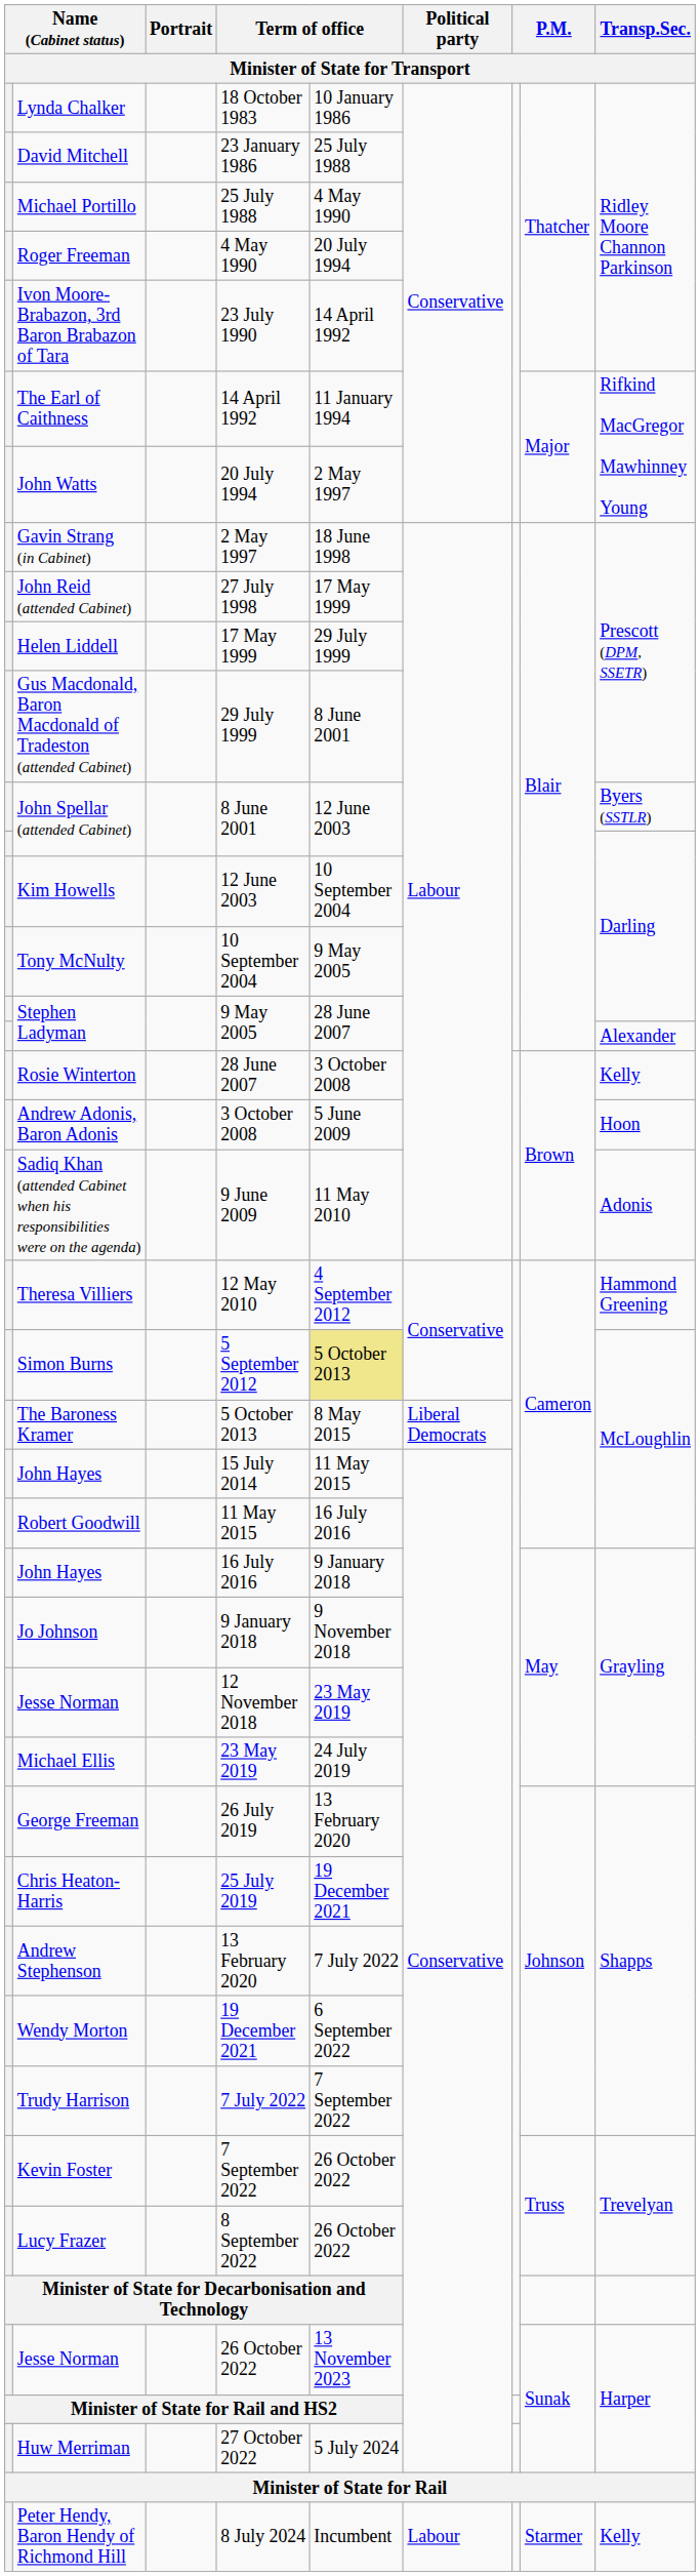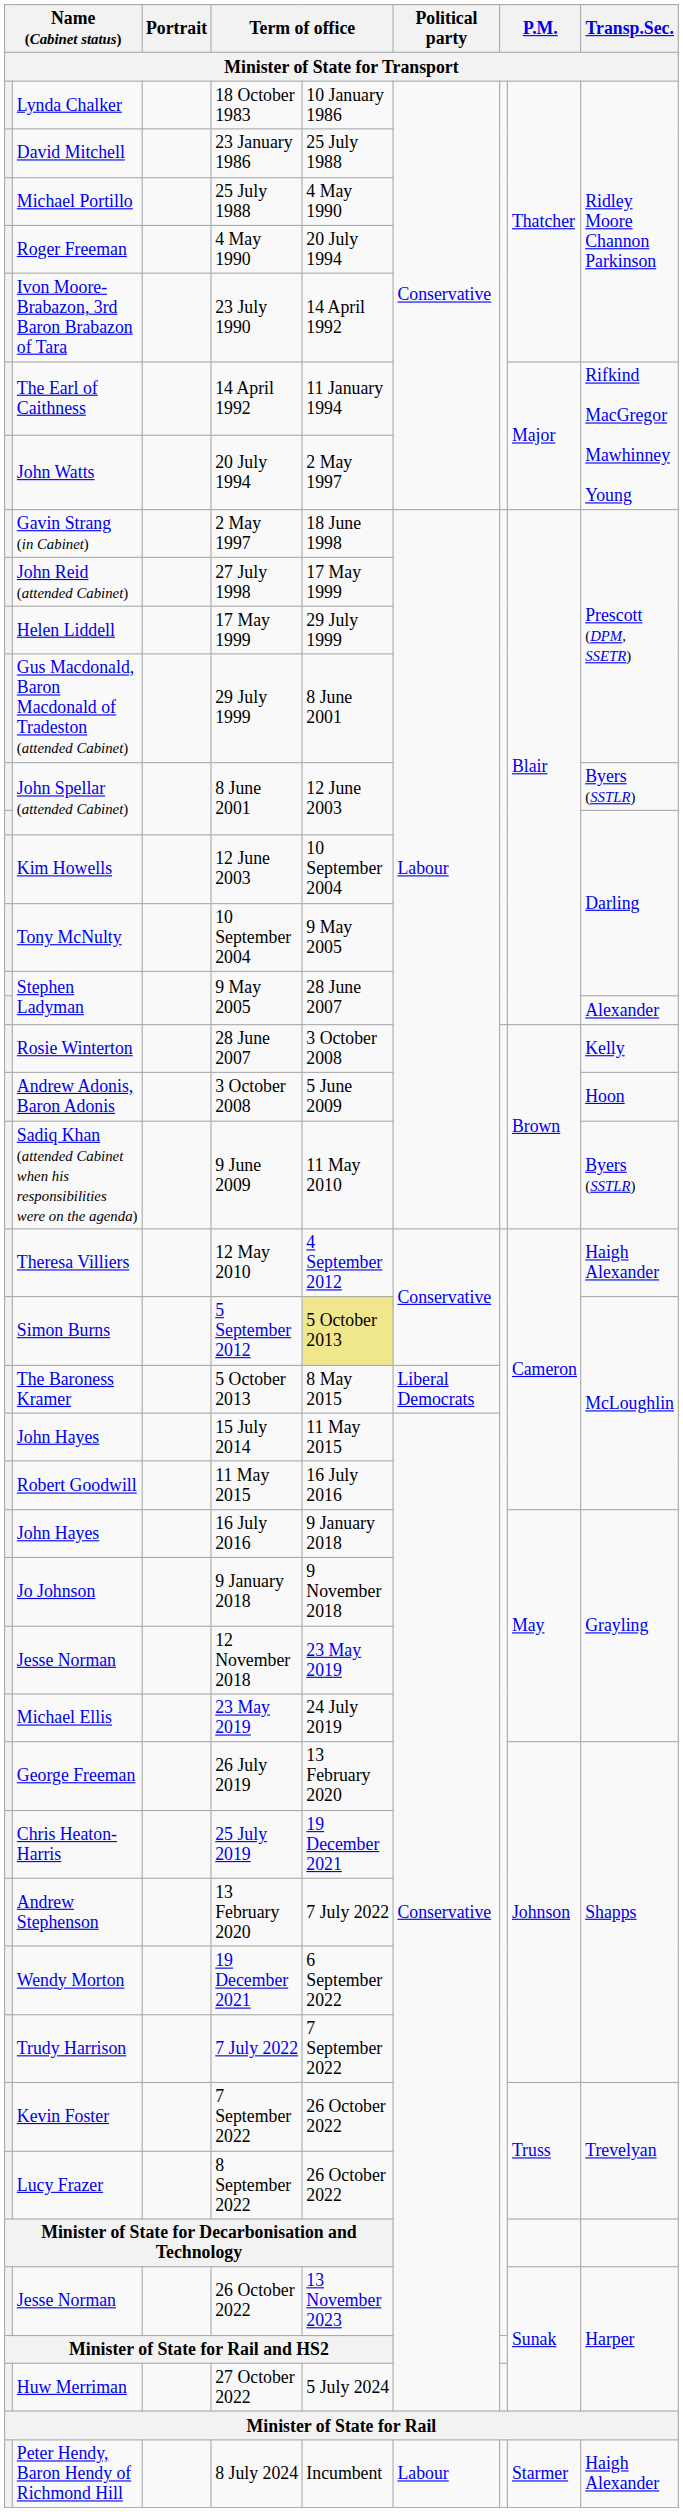 <table class="wikitable">
 <tr>
 <th colspan=2>Name<br><small>(<em>Cabinet status</em>)</small></th>
 <th>Portrait</th>
 <th colspan=2>Term of office</th>
 <th>Political party</th>
 <th colspan=2><a href='#'>P.M.</a></th>
 <th><a href='#'>Transp.Sec.</a></th>
 </tr>
 <tr>
 <th colspan="9">Minister of State for Transport</th>
 </tr>
 <tr>
 <th style="background-color: "></th>
 <td><a href='#'>Lynda Chalker</a></td>
 <td></td>
 <td>18 October 1983</td>
 <td>10 January 1986</td>
 <td rowspan=7><a href='#'>Conservative</a></td>
 <td rowspan=7 style="background-color: "></td>
 <td rowspan=5><a href='#'>Thatcher</a></td>
 <td rowspan=5><br><a href='#'>Ridley</a><br><a href='#'>Moore</a><br><a href='#'>Channon</a><br><a href='#'>Parkinson</a></td>
 </tr>
 <tr>
 <th style="background-color: "></th>
 <td><a href='#'>David Mitchell</a></td>
 <td></td>
 <td>23 January 1986</td>
 <td>25 July 1988</td>
 </tr>
 <tr>
 <th style="background-color: "></th>
 <td><a href='#'>Michael Portillo</a></td>
 <td></td>
 <td>25 July 1988</td>
 <td>4 May 1990</td>
 </tr>
 <tr>
 <th style="background-color: "></th>
 <td><a href='#'>Roger Freeman</a></td>
 <td></td>
 <td>4 May 1990</td>
 <td>20 July 1994</td>
 </tr>
 <tr>
 <th style="background-color: "></th>
 <td><a href='#'>Ivon Moore-Brabazon, 3rd Baron Brabazon of Tara</a></td>
 <td></td>
 <td>23 July 1990</td>
 <td>14 April 1992</td>
 </tr>
 <tr>
 <th style="background-color: "></th>
 <td><a href='#'>The Earl of Caithness</a></td>
 <td></td>
 <td>14 April 1992</td>
 <td>11 January 1994</td>
 <td rowspan=2><a href='#'>Major</a></td>
 <td rowspan=2><a href='#'>Rifkind</a><br><br> <a href='#'>MacGregor</a><br> <br><a href='#'>Mawhinney</a><br> <br><a href='#'>Young</a></td>
 </tr>
 <tr>
 <th style="background-color: "></th>
 <td><a href='#'>John Watts</a></td>
 <td></td>
 <td>20 July 1994</td>
 <td>2 May 1997</td>
 </tr>
 <tr>
 <th style="background-color: "></th>
 <td><a href='#'>Gavin Strang</a><br><small>(<em>in Cabinet</em>)</small></td>
 <td></td>
 <td>2 May 1997</td>
 <td>18 June 1998</td>
 <td rowspan=13><a href='#'>Labour</a></td>
 <td rowspan=10 style="background-color: "></td>
 <td rowspan=10><a href='#'>Blair</a></td>
 <td rowspan=4><a href='#'>Prescott</a><br><small>(<em><a href='#'>DPM</a>, <a href='#'>SSETR</a></em>)</small></td>
 </tr>
 <tr>
 <th style="background-color: "></th>
 <td><a href='#'>John Reid</a><br><small>(<em>attended Cabinet</em>)</small></td>
 <td></td>
 <td>27 July 1998</td>
 <td>17 May 1999</td>
 </tr>
 <tr>
 <th style="background-color: "></th>
 <td><a href='#'>Helen Liddell</a></td>
 <td></td>
 <td>17 May 1999</td>
 <td>29 July 1999</td>
 </tr>
 <tr>
 <th style="background-color: "></th>
 <td><a href='#'>Gus Macdonald, Baron Macdonald of Tradeston</a><br><small>(<em>attended Cabinet</em>)</small></td>
 <td></td>
 <td>29 July 1999</td>
 <td>8 June 2001</td>
 </tr>
 <tr>
 <th style="background-color: "></th>
 <td rowspan=2><a href='#'>John Spellar</a><br><small>(<em>attended Cabinet</em>)</small></td>
 <td rowspan=2></td>
 <td rowspan=2>8 June 2001</td>
 <td rowspan=2>12 June 2003</td>
 <td><a href='#'>Byers</a><br><small>(<em><a href='#'>SSTLR</a></em>)</small></td>
 </tr>
 <tr>
 <th height=15 style="background-color: "></th>
 <td rowspan=4><a href='#'>Darling</a></td>
 </tr>
 <tr>
 <th style="background-color: "></th>
 <td><a href='#'>Kim Howells</a></td>
 <td></td>
 <td>12 June 2003</td>
 <td>10 September 2004</td>
 </tr>
 <tr>
 <th style="background-color: "></th>
 <td><a href='#'>Tony McNulty</a></td>
 <td></td>
 <td>10 September 2004</td>
 <td>9 May 2005</td>
 </tr>
 <tr>
 <th height=15 style="background-color: "></th>
 <td rowspan=2><a href='#'>Stephen Ladyman</a></td>
 <td rowspan=2></td>
 <td rowspan=2>9 May 2005</td>
 <td rowspan=2>28 June 2007</td>
 </tr>
 <tr>
 <th style="background-color: "></th>
 <td><a href='#'>Alexander</a></td>
 </tr>
 <tr>
 <th style="background-color: "></th>
 <td><a href='#'>Rosie Winterton</a></td>
 <td></td>
 <td>28 June 2007</td>
 <td>3 October 2008</td>
 <td rowspan=3 style="background-color: "></td>
 <td rowspan=3><a href='#'>Brown</a></td>
 <td><a href='#'>Kelly</a></td>
 </tr>
 <tr>
 <th style="background-color: "></th>
 <td><a href='#'>Andrew Adonis, Baron Adonis</a></td>
 <td></td>
 <td>3 October 2008</td>
 <td>5 June 2009</td>
 <td><a href='#'>Hoon</a></td>
 </tr>
 <tr>
 <th style="background-color: "></th>
 <td><a href='#'>Sadiq Khan</a><br><small>(<em>attended Cabinet when his<br>responsibilities were on the agenda</em>)</small></td>
 <td></td>
 <td>9 June 2009</td>
 <td>11 May 2010</td>
-<td><a href='#'>Adonis</a></td>
+<td><a href='#'>Byers</a><br><small>(<em><a href='#'>SSTLR</a></em>)</small></td>
 </tr>
 <tr>
 <th style="background-color: "></th>
 <td><a href='#'>Theresa Villiers</a></td>
 <td></td>
 <td>12 May 2010</td>
 <td><a href='#'>4 September 2012</a></td>
 <td rowspan=2><a href='#'>Conservative</a></td>
 <td rowspan=18 style="background-color: "></td>
 <td rowspan=5><a href='#'>Cameron</a></td>
-<td><a href='#'>Hammond</a><br><a href='#'>Greening</a></td>
+<td><a href='#'>Haigh</a><br><a href='#'>Alexander</a></td>
 </tr>
 <tr>
 <th style="background-color: "></th>
 <td><a href='#'>Simon Burns</a></td>
 <td></td>
 <td><a href='#'>5 September 2012</a></td>
 <td style="background: khaki;">5 October 2013</td>
 <td rowspan=4><a href='#'>McLoughlin</a></td>
 </tr>
 <tr>
 <th style="background-color: "></th>
 <td><a href='#'>The Baroness Kramer</a></td>
 <td></td>
 <td>5 October 2013</td>
 <td>8 May 2015</td>
 <td><a href='#'>Liberal Democrats</a></td>
 </tr>
 <tr>
 <th style="background-color: "></th>
 <td><a href='#'>John Hayes</a></td>
 <td></td>
 <td>15 July 2014</td>
 <td>11 May 2015</td>
 <td rowspan="17"><a href='#'>Conservative</a></td>
 </tr>
 <tr>
 <th style="background-color: "></th>
 <td><a href='#'>Robert Goodwill</a></td>
 <td></td>
 <td>11 May 2015</td>
 <td>16 July 2016</td>
 </tr>
 <tr>
 <th style="background-color: "></th>
 <td><a href='#'>John Hayes</a></td>
 <td></td>
 <td>16 July 2016</td>
 <td>9 January 2018</td>
 <td rowspan="4"><a href='#'>May</a></td>
 <td rowspan="4"><a href='#'>Grayling</a></td>
 </tr>
 <tr>
 <th style="background-color: "></th>
 <td><a href='#'>Jo Johnson</a></td>
 <td></td>
 <td>9 January 2018</td>
 <td>9 November 2018</td>
 </tr>
 <tr>
 <th style="background-color: "></th>
 <td><a href='#'>Jesse Norman</a></td>
 <td></td>
 <td>12 November 2018</td>
 <td><a href='#'>23 May 2019</a></td>
 </tr>
 <tr>
 <th style="background-color: "></th>
 <td><a href='#'>Michael Ellis</a></td>
 <td></td>
 <td><a href='#'>23 May 2019</a></td>
 <td>24 July 2019</td>
 </tr>
 <tr>
 <th style="background-color: "></th>
 <td><a href='#'>George Freeman</a></td>
 <td></td>
 <td>26 July 2019</td>
 <td>13 February 2020</td>
 <td rowspan="5"><a href='#'>Johnson</a></td>
 <td rowspan="5"><a href='#'>Shapps</a></td>
 </tr>
 <tr>
 <th style="background-color: "></th>
 <td><a href='#'>Chris Heaton-Harris</a></td>
 <td></td>
 <td><a href='#'>25 July 2019</a></td>
 <td><a href='#'>19 December 2021</a></td>
 </tr>
 <tr>
 <th style="background-color: "></th>
 <td><a href='#'>Andrew Stephenson</a></td>
 <td></td>
 <td>13 February 2020</td>
 <td>7 July 2022</td>
 </tr>
 <tr>
 <th style="background-color: "></th>
 <td><a href='#'>Wendy Morton</a></td>
 <td></td>
 <td><a href='#'>19 December 2021</a></td>
 <td>6 September 2022</td>
 </tr>
 <tr>
 <th style="background-color: "></th>
 <td><a href='#'>Trudy Harrison</a></td>
 <td></td>
 <td><a href='#'>7 July 2022</a></td>
 <td>7 September 2022</td>
 </tr>
 <tr>
 <th style="background-color: "></th>
 <td><a href='#'>Kevin Foster</a></td>
 <td></td>
 <td>7 September 2022</td>
 <td>26 October 2022</td>
 <td rowspan="2"><a href='#'>Truss</a></td>
 <td rowspan="2"><a href='#'>Trevelyan</a></td>
 </tr>
 <tr>
 <th style="background-color: "></th>
 <td><a href='#'>Lucy Frazer</a></td>
 <td></td>
 <td>8 September 2022</td>
 <td>26 October 2022</td>
 </tr>
 <tr>
 <th colspan="5">Minister of State for Decarbonisation and Technology</th>
 <td></td>
 <td></td>
 </tr>
 <tr>
 <th style="background-color: "></th>
 <td><a href='#'>Jesse Norman</a></td>
 <td></td>
 <td>26 October 2022</td>
 <td><a href='#'>13 November 2023</a></td>
 <td rowspan="3"><a href='#'>Sunak</a></td>
 <td rowspan="3"><a href='#'>Harper</a></td>
 </tr>
 <tr>
 <th colspan="5">Minister of State for Rail and HS2</th>
 <td></td>
 </tr>
 <tr>
 <th style="background-color: "></th>
 <td><a href='#'>Huw Merriman</a></td>
 <td></td>
 <td>27 October 2022</td>
 <td>5 July 2024</td>
 <td></td>
 </tr>
 <tr>
 <th colspan="9">Minister of State for Rail</th>
 </tr>
 <tr>
 <th style="background-color: "></th>
 <td><a href='#'>Peter Hendy, Baron Hendy of Richmond Hill</a></td>
 <td></td>
 <td>8 July 2024</td>
 <td>Incumbent</td>
 <td rowspan=2><a href='#'>Labour</a></td>
 <td rowspan=2 style="background-color: "></td>
 <td rowspan=2><a href='#'>Starmer</a></td>
-<td><a href='#'>Kelly</a></td>
+<td><a href='#'>Haigh</a><br><a href='#'>Alexander</a></td>
 </tr>
 </table>
